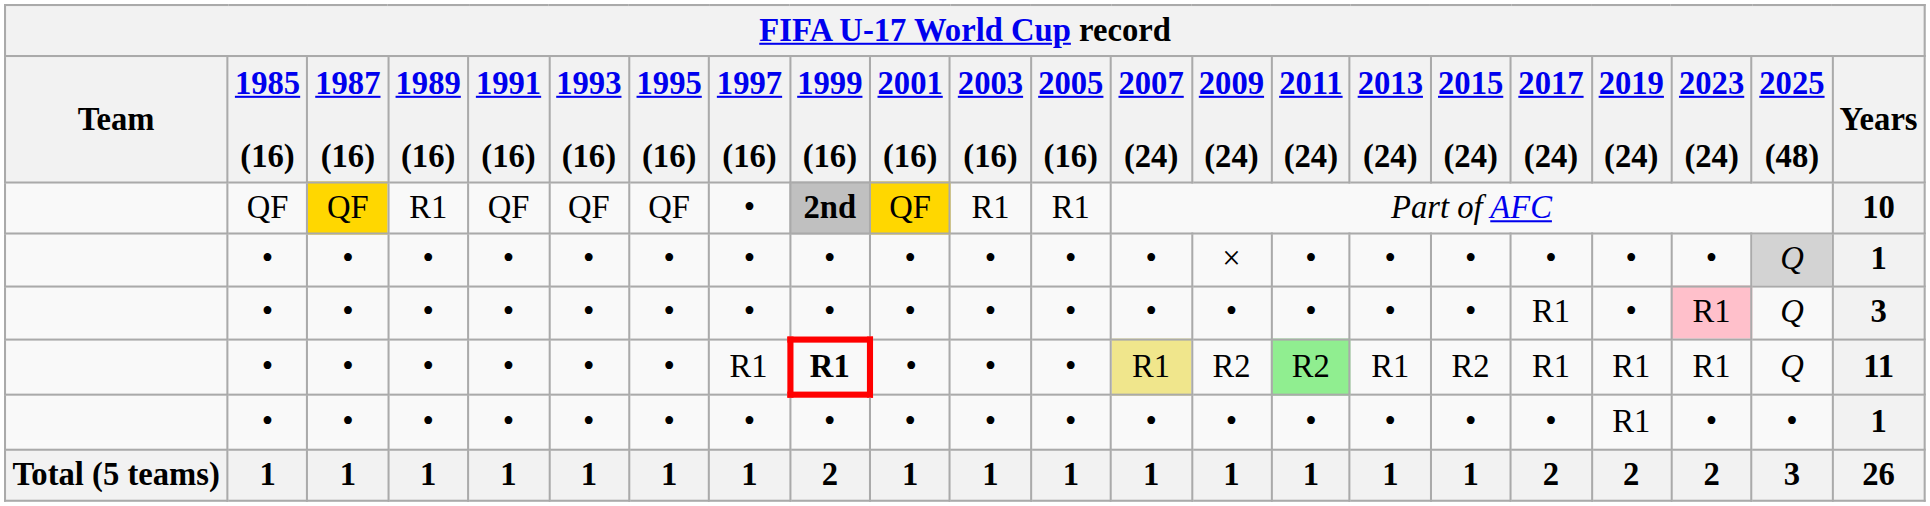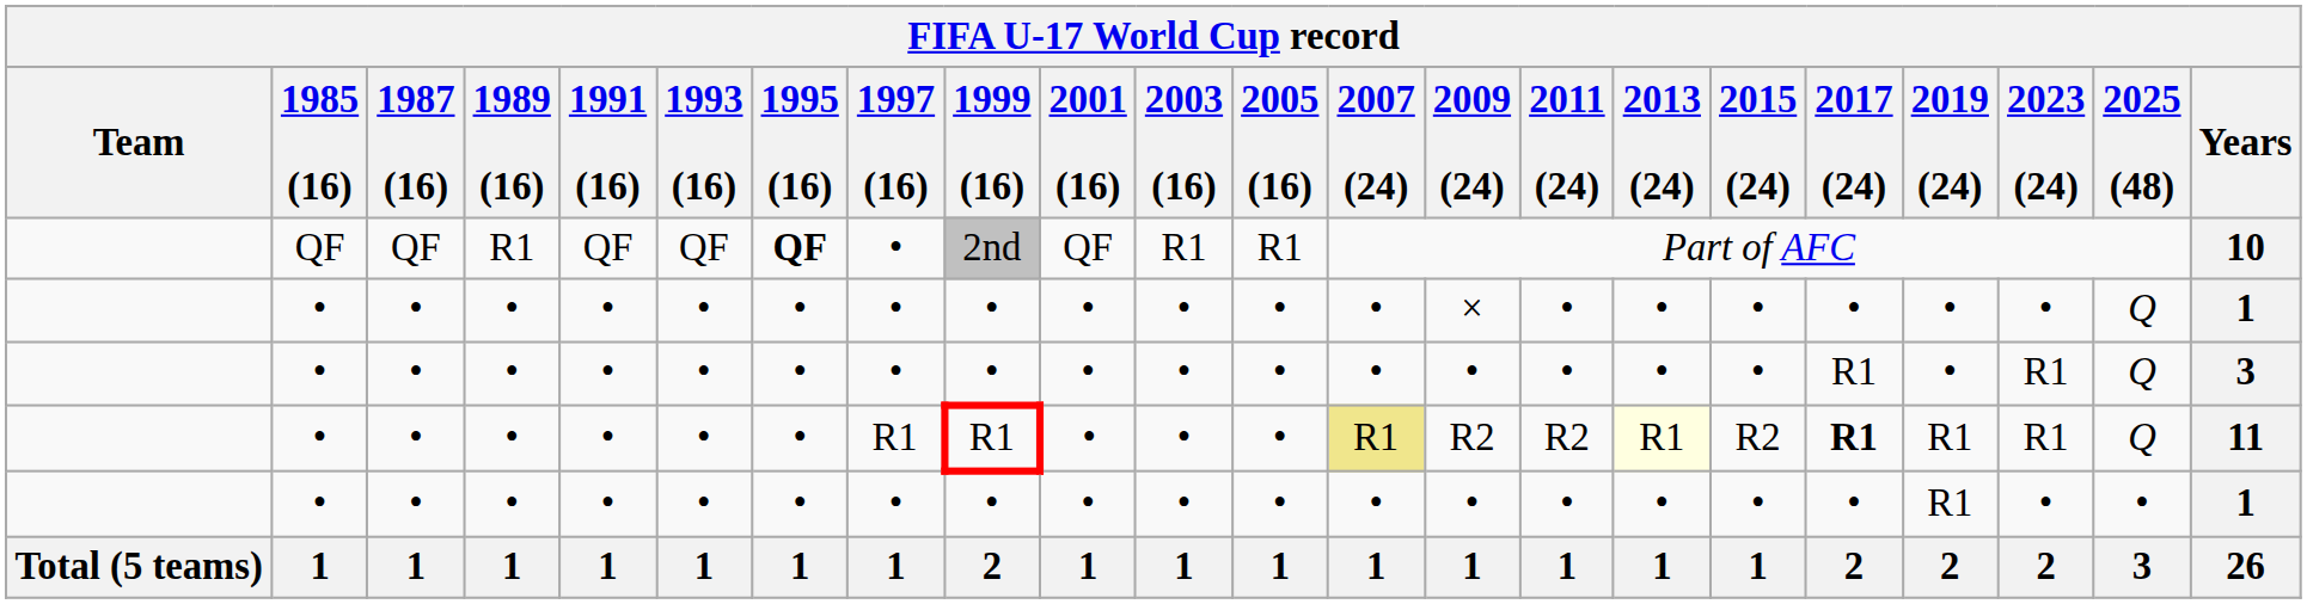 <table class="wikitable" style="text-align:center;">
 <tr style="background:#ccc; text-align:center;">
 <th colspan=22><a href='#'>FIFA U-17 World Cup</a> record</th>
 </tr>
 <tr>
 <th>Team</th>
 <th><a href='#'>1985</a><br><br>(16)</th>
 <th><a href='#'>1987</a><br><br>(16)</th>
 <th><a href='#'>1989</a><br><br>(16)</th>
 <th><a href='#'>1991</a><br><br>(16)</th>
 <th><a href='#'>1993</a><br><br>(16)</th>
 <th><a href='#'>1995</a><br><br>(16)</th>
 <th><a href='#'>1997</a><br><br>(16)</th>
 <th><a href='#'>1999</a><br><br>(16)</th>
 <th><a href='#'>2001</a><br><br>(16)</th>
 <th><a href='#'>2003</a><br><br>(16)</th>
 <th><a href='#'>2005</a><br><br>(16)</th>
 <th><a href='#'>2007</a><br><br>(24)</th>
 <th><a href='#'>2009</a><br><br>(24)</th>
 <th><a href='#'>2011</a><br><br>(24)</th>
 <th><a href='#'>2013</a><br><br>(24)</th>
 <th><a href='#'>2015</a><br><br>(24)</th>
 <th><a href='#'>2017</a><br><br>(24)</th>
 <th><a href='#'>2019</a><br><br>(24)</th>
 <th><a href='#'>2023</a><br><br>(24)</th>
 <th><a href='#'>2025</a><br><br>(48)</th>
 <th>Years</th>
 </tr>
 <tr style="text-align:center">
 <td style="text-align:left"></td>
 <td>QF</td>
-<td style="background: gold;">QF</td>
+<td>QF</td>
 <td>R1</td>
 <td>QF</td>
 <td>QF</td>
+<td><strong>QF</strong></td>
+<td>•</td>
+<td style="background:silver;">2nd</td>
 <td>QF</td>
-<td>•</td>
-<td style="background:silver;"><strong>2nd</strong></td>
-<td style="background: gold;">QF</td>
 <td>R1</td>
 <td>R1</td>
 <td colspan="9"><em>Part of <a href='#'>AFC</a></em></td>
 <th>10</th>
 </tr>
 <tr style="text-align:center">
 <td style="text-align:left"></td>
 <td>•</td>
 <td>•</td>
 <td>•</td>
 <td>•</td>
 <td>•</td>
 <td>•</td>
 <td>•</td>
 <td>•</td>
 <td>•</td>
 <td>•</td>
 <td>•</td>
 <td>•</td>
 <td>×</td>
 <td>•</td>
 <td>•</td>
 <td>•</td>
 <td>•</td>
 <td>•</td>
 <td>•</td>
-<td style="background: lightgrey;"><em>Q</em></td>
+<td><em>Q</em></td>
 <th>1</th>
 </tr>
 <tr style="text-align:center">
 <td style="text-align:left"></td>
 <td>•</td>
 <td>•</td>
 <td>•</td>
 <td>•</td>
 <td>•</td>
 <td>•</td>
 <td>•</td>
 <td>•</td>
 <td>•</td>
 <td>•</td>
 <td>•</td>
 <td>•</td>
 <td>•</td>
 <td>•</td>
 <td>•</td>
 <td>•</td>
 <td>R1</td>
 <td>•</td>
-<td style="background: pink;">R1</td>
+<td>R1</td>
 <td><em>Q</em></td>
 <th>3</th>
 </tr>
 <tr style="text-align:center">
 <td style="text-align:left"></td>
 <td>•</td>
 <td>•</td>
 <td>•</td>
 <td>•</td>
 <td>•</td>
 <td>•</td>
 <td>R1</td>
-<td style="border: 3px solid red"><strong>R1</strong></td>
+<td style="border: 3px solid red">R1</td>
 <td>•</td>
 <td>•</td>
 <td>•</td>
 <td style="background: khaki;">R1</td>
 <td>R2</td>
-<td style="background: lightgreen;">R2</td>
-<td>R1</td>
 <td>R2</td>
-<td>R1</td>
+<td style="background: lightyellow;">R1</td>
+<td>R2</td>
+<td><strong>R1</strong></td>
 <td>R1</td>
 <td>R1</td>
 <td><em>Q</em></td>
 <th>11</th>
 </tr>
 <tr style="text-align:center">
 <td style="text-align:left"></td>
 <td>•</td>
 <td>•</td>
 <td>•</td>
 <td>•</td>
 <td>•</td>
 <td>•</td>
 <td>•</td>
 <td>•</td>
 <td>•</td>
 <td>•</td>
 <td>•</td>
 <td>•</td>
 <td>•</td>
 <td>•</td>
 <td>•</td>
 <td>•</td>
 <td>•</td>
 <td>R1</td>
 <td>•</td>
 <td>•</td>
 <th>1</th>
 </tr>
 <tr>
 <th style="text-align:left">Total (5 teams)</th>
 <th><strong>1</strong></th>
 <th><strong>1</strong></th>
 <th><strong>1</strong></th>
 <th><strong>1</strong></th>
 <th><strong>1</strong></th>
 <th><strong>1</strong></th>
 <th><strong>1</strong></th>
 <th><strong>2</strong></th>
 <th><strong>1</strong></th>
 <th><strong>1</strong></th>
 <th><strong>1</strong></th>
 <th><strong>1</strong></th>
 <th><strong>1</strong></th>
 <th><strong>1</strong></th>
 <th><strong>1</strong></th>
 <th><strong>1</strong></th>
 <th><strong>2</strong></th>
 <th><strong>2</strong></th>
 <th><strong>2</strong></th>
 <th><strong>3</strong></th>
 <th>26</th>
 </tr>
 </table>
